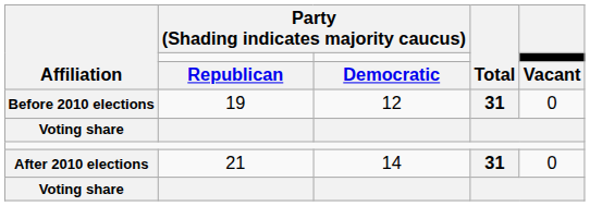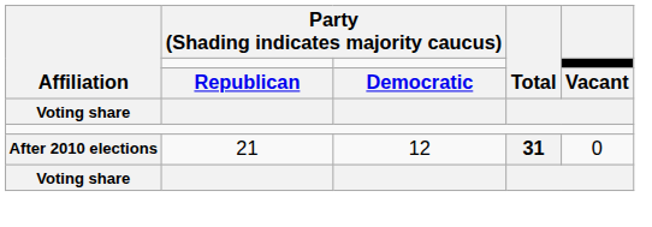 <table class=wikitable style="text-align:center">
 <tr style="vertical-align:bottom;">
 <th rowspan=3>Affiliation</th>
 <th colspan=2>Party <div>(Shading indicates majority caucus)</div></th>
 <th rowspan=3>Total</th>
 <th></th>
 </tr>
 <tr style="height:5px">
 <td style="background-color:"></td>
 <td style="background-color:"></td>
 <td style="background-color:black"></td>
 </tr>
 <tr>
 <th><a href='#'>Republican</a></th>
 <th><a href='#'>Democratic</a></th>
 <th>Vacant</th>
 </tr>
 <tr>
-<th nowrap style="font-size:80%">Before 2010 elections</th>
-<td>19</td>
-<td>12</td>
-<th>31</th>
-<td>0</td>
-</tr>
-<tr>
 <th nowrap style="font-size:80%">Voting share</th>
 <th></th>
 <th></th>
 <th colspan=2></th>
 </tr>
 <tr>
 <td colspan=5></td>
 </tr>
 <tr>
 <th nowrap style="font-size:80%">After 2010 elections</th>
 <td>21</td>
-<td>14</td>
+<td>12</td>
 <th>31</th>
 <td>0</td>
 </tr>
 <tr>
 <th nowrap style="font-size:80%">Voting share</th>
 <th></th>
 <th></th>
 <th colspan=2></th>
 </tr>
 </table>
